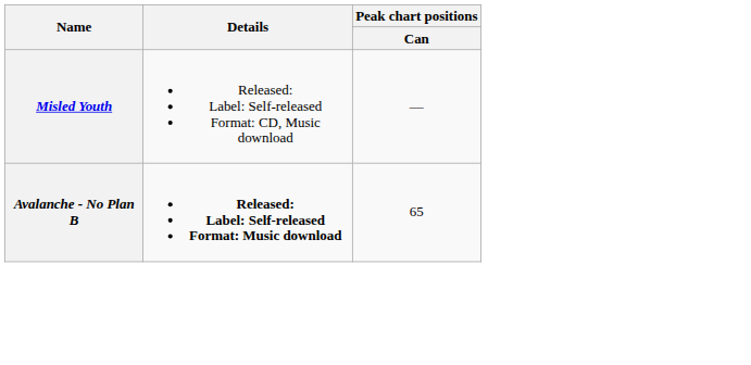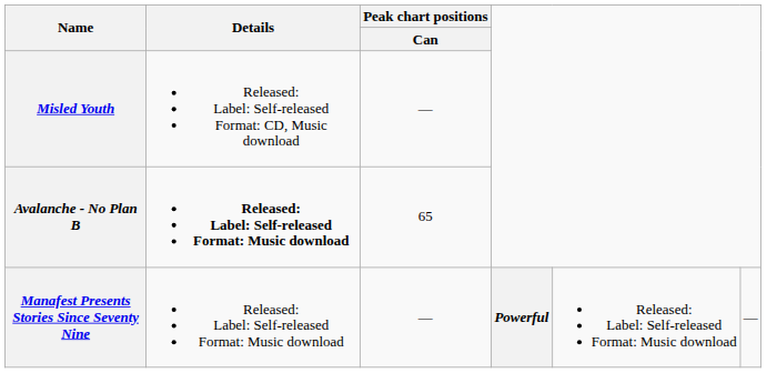 <table class="wikitable outercollapse" style="text-align:center">
 <tr>
 <th rowspan=2 style=width:150px;>Name</th>
 <th rowspan=2 style=width:230px;>Details</th>
 <th>Peak chart positions</th>
 </tr>
 <tr>
 <th>Can</th>
 </tr>
 <tr>
 <th><em><a href='#'>Misled Youth</a></em></th>
 <td><br><ul><li>Released: </li><li>Label: Self-released</li><li>Format: CD, Music download</li></ul></td>
 <td>—</td>
 </tr>
 <tr>
 <th><em>Avalanche - No Plan B</em></th>
 <td><strong><br><ul><li>Released: </li><li>Label: Self-released</li><li>Format: Music download</li></ul></strong></td>
 <td>65 </td>
 </tr>
+<tr>
+<th><em><a href='#'>Manafest Presents Stories Since Seventy Nine</a></em></th>
+<td><br><ul><li>Released: </li><li>Label: Self-released</li><li>Format: Music download</li></ul></td>
+<td>—</td>
+<th><em>Powerful</em></th>
+<td><br><ul><li>Released: </li><li>Label: Self-released</li><li>Format: Music download</li></ul></td>
+<td>—</td>
+</tr>
 </table>
